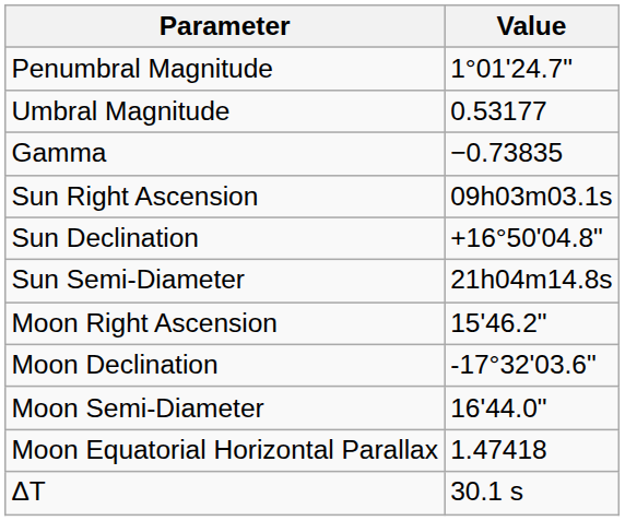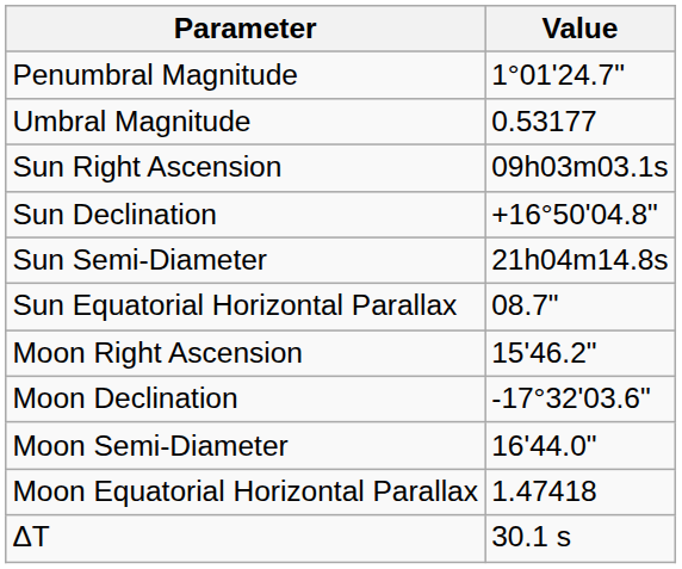 <table class="wikitable">
 <tr>
 <th>Parameter</th>
 <th>Value</th>
 </tr>
 <tr>
 <td>Penumbral Magnitude</td>
 <td>1°01'24.7"</td>
 </tr>
 <tr>
 <td>Umbral Magnitude</td>
 <td>0.53177</td>
 </tr>
 <tr>
-<td>Gamma</td>
-<td>−0.73835</td>
-</tr>
-<tr>
 <td>Sun Right Ascension</td>
 <td>09h03m03.1s</td>
 </tr>
 <tr>
 <td>Sun Declination</td>
 <td>+16°50'04.8"</td>
 </tr>
 <tr>
 <td>Sun Semi-Diameter</td>
 <td>21h04m14.8s</td>
+</tr>
+<tr>
+<td>Sun Equatorial Horizontal Parallax</td>
+<td>08.7"</td>
 </tr>
 <tr>
 <td>Moon Right Ascension</td>
 <td>15'46.2"</td>
 </tr>
 <tr>
 <td>Moon Declination</td>
 <td>-17°32'03.6"</td>
 </tr>
 <tr>
 <td>Moon Semi-Diameter</td>
 <td>16'44.0"</td>
 </tr>
 <tr>
 <td>Moon Equatorial Horizontal Parallax</td>
 <td>1.47418</td>
 </tr>
 <tr>
 <td>ΔT</td>
 <td>30.1 s</td>
 </tr>
 </table>
